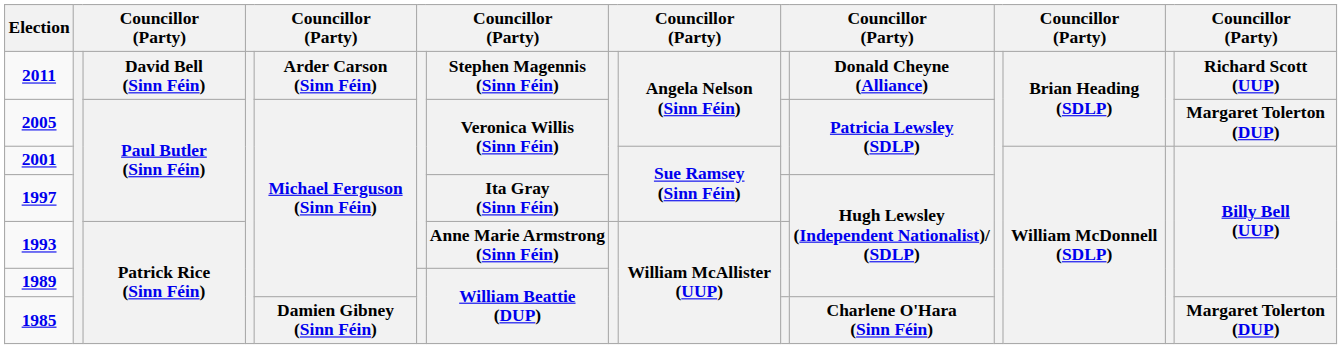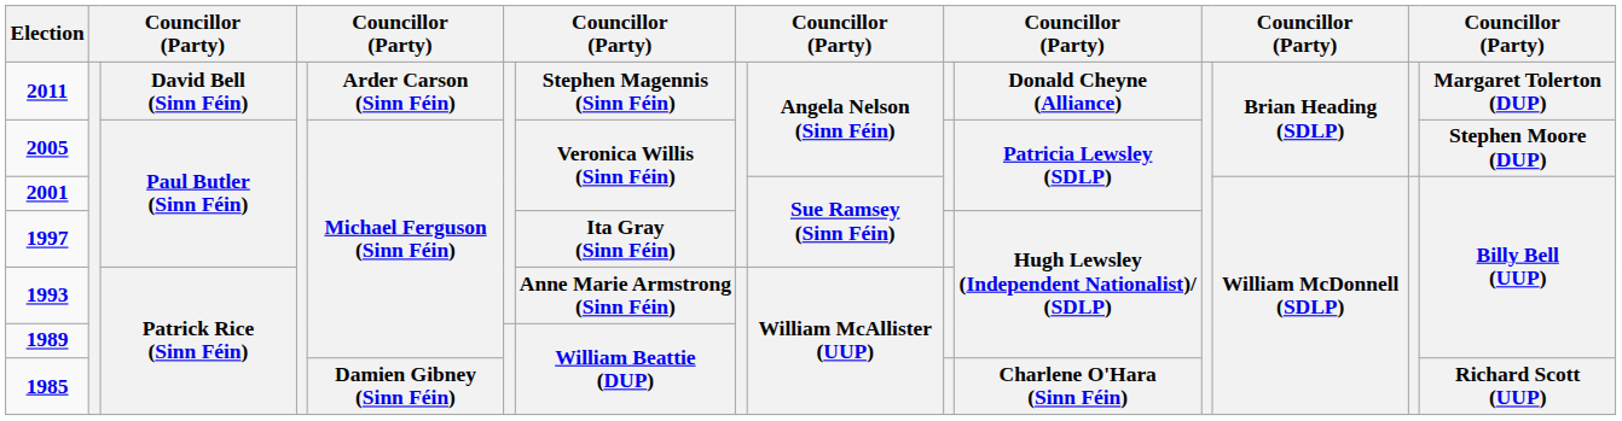 <table class="wikitable" style="text-align:center">
 <tr>
 <th scope="col" width="50">Election</th>
 <th scope="col" width="150" colspan = "2">Councillor<br> (Party)</th>
 <th scope="col" width="150" colspan = "2">Councillor<br> (Party)</th>
 <th scope="col" width="150" colspan = "2">Councillor<br> (Party)</th>
 <th scope="col" width="150" colspan = "2">Councillor<br> (Party)</th>
 <th scope="col" width="150" colspan = "2">Councillor<br> (Party)</th>
 <th scope="col" width="150" colspan = "2">Councillor<br> (Party)</th>
 <th scope="col" width="150" colspan = "2">Councillor<br> (Party)</th>
 </tr>
 <tr>
 <td><strong><a href='#'>2011</a></strong></td>
 <th rowspan="7" width="1" style="background-color: "></th>
 <th rowspan = "1">David Bell <br> (<a href='#'>Sinn Féin</a>)</th>
 <th rowspan="7" width="1" style="background-color: "></th>
 <th rowspan = "1">Arder Carson <br> (<a href='#'>Sinn Féin</a>)</th>
 <th rowspan="5" width="1" style="background-color: "></th>
 <th rowspan = "1">Stephen Magennis <br> (<a href='#'>Sinn Féin</a>)</th>
 <th rowspan="4" width="1" style="background-color: "></th>
 <th rowspan = "2">Angela Nelson <br> (<a href='#'>Sinn Féin</a>)</th>
 <th rowspan="1" width="1" style="background-color: "></th>
 <th rowspan = "1">Donald Cheyne <br> (<a href='#'>Alliance</a>)</th>
 <th rowspan="7" width="1" style="background-color: "></th>
 <th rowspan = "2">Brian Heading <br> (<a href='#'>SDLP</a>)</th>
 <th rowspan="2" width="1" style="background-color: "></th>
-<th rowspan = "1">Richard Scott <br> (<a href='#'>UUP</a>)</th>
+<th rowspan = "1">Margaret Tolerton <br> (<a href='#'>DUP</a>)</th>
 </tr>
 <tr>
 <td><strong><a href='#'>2005</a></strong></td>
 <th rowspan = "3"><a href='#'>Paul Butler</a> <br> (<a href='#'>Sinn Féin</a>)</th>
 <th rowspan = "5"><a href='#'>Michael Ferguson</a> <br> (<a href='#'>Sinn Féin</a>)</th>
 <th rowspan = "2">Veronica Willis <br> (<a href='#'>Sinn Féin</a>)</th>
 <th rowspan="2" width="1" style="background-color: "></th>
 <th rowspan = "2"><a href='#'>Patricia Lewsley</a> <br> (<a href='#'>SDLP</a>)</th>
-<th rowspan = "1">Margaret Tolerton <br> (<a href='#'>DUP</a>)</th>
+<th rowspan = "1">Stephen Moore <br> (<a href='#'>DUP</a>)</th>
 </tr>
 <tr>
 <td><strong><a href='#'>2001</a></strong></td>
 <th rowspan = "2"><a href='#'>Sue Ramsey</a> <br> (<a href='#'>Sinn Féin</a>)</th>
 <th rowspan = "5">William McDonnell <br> (<a href='#'>SDLP</a>)</th>
 <th rowspan="5" width="1" style="background-color: "></th>
 <th rowspan = "4"><a href='#'>Billy Bell</a> <br> (<a href='#'>UUP</a>)</th>
 </tr>
 <tr>
 <td><strong><a href='#'>1997</a></strong></td>
 <th rowspan = "1">Ita Gray <br> (<a href='#'>Sinn Féin</a>)</th>
 <th rowspan="1" width="1" style="background-color: "></th>
 <th rowspan = "3">Hugh Lewsley <br> (<a href='#'>Independent Nationalist</a>)/ <br> (<a href='#'>SDLP</a>)</th>
 </tr>
 <tr>
 <td><strong><a href='#'>1993</a></strong></td>
 <th rowspan = "3">Patrick Rice <br> (<a href='#'>Sinn Féin</a>)</th>
 <th rowspan = "1">Anne Marie Armstrong <br> (<a href='#'>Sinn Féin</a>)</th>
 <th rowspan="3" width="1" style="background-color: "></th>
 <th rowspan = "3">William McAllister <br> (<a href='#'>UUP</a>)</th>
 <th rowspan="2" width="1" style="background-color: "></th>
 </tr>
 <tr>
 <td><strong><a href='#'>1989</a></strong></td>
 <th rowspan="2" width="1" style="background-color: "></th>
 <th rowspan = "2"><a href='#'>William Beattie</a> <br> (<a href='#'>DUP</a>)</th>
 </tr>
 <tr>
 <td><strong><a href='#'>1985</a></strong></td>
 <th rowspan = "1">Damien Gibney <br> (<a href='#'>Sinn Féin</a>)</th>
 <th rowspan="1" width="1" style="background-color: "></th>
 <th rowspan = "1">Charlene O'Hara <br> (<a href='#'>Sinn Féin</a>)</th>
-<th rowspan = "1">Margaret Tolerton <br> (<a href='#'>DUP</a>)</th>
+<th rowspan = "1">Richard Scott <br> (<a href='#'>UUP</a>)</th>
 </tr>
 </table>
